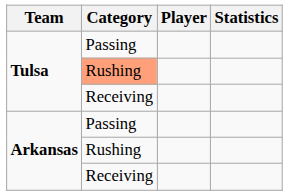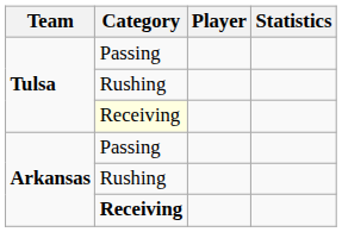 <table class="wikitable" style="float: right;">
 <tr>
 <th>Team</th>
 <th>Category</th>
 <th>Player</th>
 <th>Statistics</th>
 </tr>
 <tr>
 <td rowspan=3><strong>Tulsa</strong></td>
 <td>Passing</td>
 <td></td>
 <td></td>
 </tr>
 <tr>
-<td style="background: lightsalmon;">Rushing</td>
+<td>Rushing</td>
 <td></td>
 <td></td>
 </tr>
 <tr>
-<td>Receiving</td>
+<td style="background: lightyellow;">Receiving</td>
 <td></td>
 <td></td>
 </tr>
 <tr>
 <td rowspan=3><strong>Arkansas</strong></td>
 <td>Passing</td>
 <td></td>
 <td></td>
 </tr>
 <tr>
 <td>Rushing</td>
 <td></td>
 <td></td>
 </tr>
 <tr>
-<td>Receiving</td>
+<td><strong>Receiving</strong></td>
 <td></td>
 <td></td>
 </tr>
 </table>
